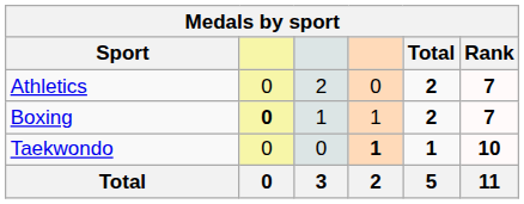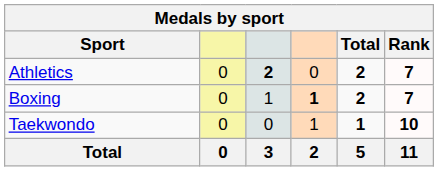 <table class="wikitable" style=font-size:85%;float:center;text-align:center>
 <tr>
 <th colspan=6><strong>Medals by sport</strong></th>
 </tr>
 <tr>
 <th width=150>Sport</th>
 <th scope="col" width=30 style="background:#F7F6A8;"></th>
 <th scope="col" width=30 style="background:#DCE5E5;"></th>
 <th scope="col" width=30 style="background:#FFDAB9;"></th>
 <th width=30>Total</th>
 <th width=30>Rank</th>
 </tr>
 <tr>
 <td align=left><a href='#'>Athletics</a></td>
 <td style="background:#F7F6A8;">0</td>
-<td style="background:#DCE5E5;">2</td>
+<td style="background:#DCE5E5;"><strong>2</strong></td>
 <td style="background:#FFDAB9;">0</td>
 <td><strong>2</strong></td>
 <td style="background:#FFFAFA;"><strong>7</strong></td>
 </tr>
 <tr>
 <td align=left><a href='#'>Boxing</a></td>
-<td style="background:#F7F6A8;"><strong>0</strong></td>
+<td style="background:#F7F6A8;">0</td>
 <td style="background:#DCE5E5;">1</td>
-<td style="background:#FFDAB9;">1</td>
+<td style="background:#FFDAB9;"><strong>1</strong></td>
 <td><strong>2</strong></td>
 <td style="background:#FFFAFA;"><strong>7</strong></td>
 </tr>
 <tr>
 <td align=left><a href='#'>Taekwondo</a></td>
 <td style="background:#F7F6A8;">0</td>
 <td style="background:#DCE5E5;">0</td>
-<td style="background:#FFDAB9;"><strong>1</strong></td>
+<td style="background:#FFDAB9;">1</td>
 <td><strong>1</strong></td>
 <td style="background:#FFFAFA;"><strong>10</strong></td>
 </tr>
 <tr class="sortbottom">
 <th>Total</th>
 <th>0</th>
 <th>3</th>
 <th>2</th>
 <th>5</th>
 <th>11</th>
 </tr>
 </table>
